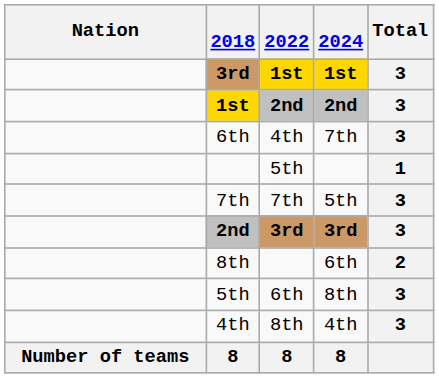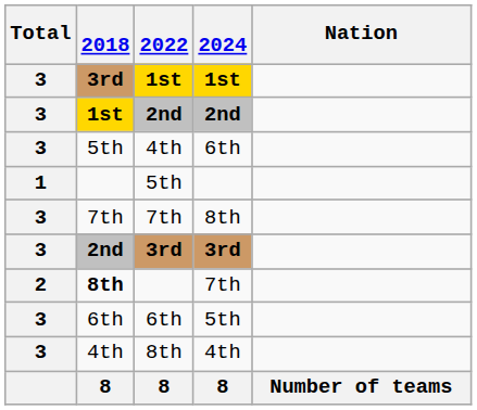 <table class="wikitable" style="text-align:center; font-size:90%">
 <tr>
-<th width=120px>Nation</th>
+<th>Total</th>
 <th><br><a href='#'>2018</a></th>
 <th><br><a href='#'>2022</a></th>
 <th><br><a href='#'>2024</a></th>
-<th>Total</th>
+<th width=120px>Nation</th>
 </tr>
 <tr>
-<td align=left></td>
+<th>3</th>
 <td bgcolor=#cc9966><strong>3rd</strong></td>
 <td bgcolor=gold><strong>1st</strong></td>
 <td bgcolor=gold><strong>1st</strong></td>
-<th>3</th>
+<td align=left></td>
 </tr>
 <tr>
-<td align=left></td>
+<th>3</th>
 <td bgcolor=gold><strong>1st</strong></td>
 <td bgcolor=silver><strong>2nd</strong></td>
 <td bgcolor=silver><strong>2nd</strong></td>
-<th>3</th>
+<td align=left></td>
 </tr>
 <tr>
+<th>3</th>
+<td>5th</td>
+<td>4th</td>
+<td>6th</td>
 <td align=left></td>
-<td>6th</td>
-<td>4th</td>
-<td>7th</td>
-<th>3</th>
 </tr>
 <tr>
-<td align=left></td>
+<th>1</th>
 <td></td>
 <td>5th</td>
 <td></td>
-<th>1</th>
+<td align=left></td>
 </tr>
 <tr>
-<td align=left></td>
+<th>3</th>
 <td>7th</td>
 <td>7th</td>
-<td>5th</td>
-<th>3</th>
+<td>8th</td>
+<td align=left></td>
 </tr>
 <tr>
-<td align=left></td>
+<th>3</th>
 <td bgcolor=silver><strong>2nd</strong></td>
 <td bgcolor=#cc9966><strong>3rd</strong></td>
 <td bgcolor=#cc9966><strong>3rd</strong></td>
-<th>3</th>
+<td align=left></td>
 </tr>
 <tr>
+<th>2</th>
+<td><strong>8th</strong></td>
+<td></td>
+<td>7th</td>
 <td align=left></td>
-<td>8th</td>
-<td></td>
-<td>6th</td>
-<th>2</th>
 </tr>
 <tr>
+<th>3</th>
+<td>6th</td>
+<td>6th</td>
+<td>5th</td>
 <td align=left></td>
-<td>5th</td>
-<td>6th</td>
-<td>8th</td>
-<th>3</th>
 </tr>
 <tr>
-<td align=left></td>
+<th>3</th>
 <td>4th</td>
 <td>8th</td>
 <td>4th</td>
-<th>3</th>
+<td align=left></td>
 </tr>
 <tr>
-<th>Number of teams</th>
+<th></th>
 <th>8</th>
 <th>8</th>
 <th>8</th>
-<th></th>
+<th>Number of teams</th>
 </tr>
 </table>
